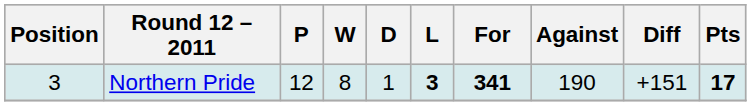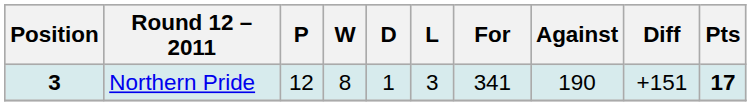 <table class="wikitable" style="text-align:center; font-size:85%;">
 <tr>
 <th width=40 abbr="Position">Position</th>
 <th width=100>Round 12 – 2011</th>
 <th width=20 abbr="Played">P</th>
 <th width=20 abbr="Won">W</th>
 <th width=20 abbr="Drawn">D</th>
 <th width=20 abbr="Lost">L</th>
 <th width=40 abbr="Points for">For</th>
 <th width=40 abbr="Points against">Against</th>
 <th width=40 abbr="Points difference">Diff</th>
 <th width=20 abbr="Points">Pts</th>
 </tr>
 <tr style="background: #d7ebed;">
-<td>3</td>
+<td><strong>3</strong></td>
 <td style="text-align:left;"> <a href='#'>Northern Pride</a></td>
 <td>12</td>
 <td>8</td>
 <td>1</td>
-<td><strong>3</strong></td>
-<td><strong>341</strong></td>
+<td>3</td>
+<td>341</td>
 <td>190</td>
 <td>+151</td>
 <td><strong>17</strong></td>
 </tr>
 <tr>
 </tr>
 </table>
